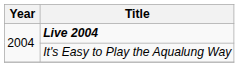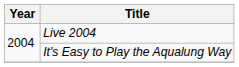 <table class="wikitable">
 <tr>
 <th rowspan=1 width="40">Year</th>
 <th rowspan=1>Title</th>
 </tr>
 <tr>
 <td rowspan="2">2004</td>
-<td><strong><em>Live 2004</em></strong></td>
+<td><em>Live 2004</em></td>
 </tr>
 <tr>
 <td><em>It's Easy to Play the Aqualung Way</em></td>
 </tr>
 <tr>
 </tr>
 </table>
